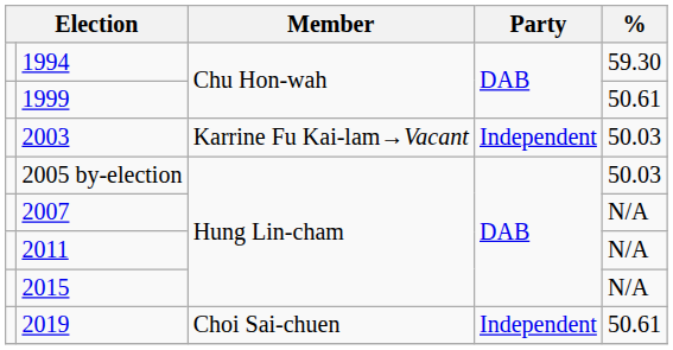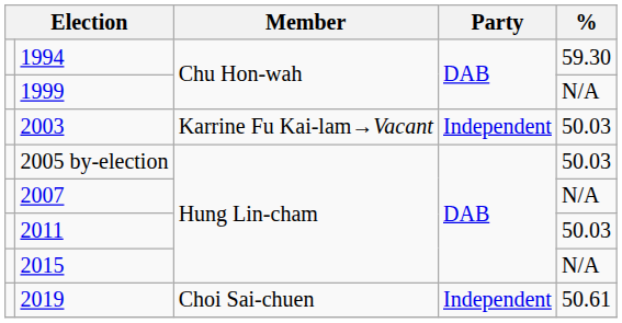 <table class="wikitable">
 <tr>
 <th colspan="2">Election</th>
 <th>Member</th>
 <th>Party</th>
 <th>%</th>
 </tr>
 <tr>
 <td style="background-color: "></td>
 <td><a href='#'>1994</a></td>
 <td rowspan=2>Chu Hon-wah</td>
 <td rowspan=2><a href='#'>DAB</a></td>
 <td>59.30</td>
 </tr>
 <tr>
 <td style="background-color: "></td>
 <td><a href='#'>1999</a></td>
-<td>50.61</td>
+<td>N/A</td>
 </tr>
 <tr>
 <td style="background-color: "></td>
 <td><a href='#'>2003</a></td>
 <td>Karrine Fu Kai-lam→<em>Vacant</em></td>
 <td><a href='#'>Independent</a></td>
 <td>50.03</td>
 </tr>
 <tr>
 <td style="background-color: "></td>
 <td>2005 by-election</td>
 <td rowspan=4>Hung Lin-cham</td>
 <td rowspan=4><a href='#'>DAB</a></td>
 <td>50.03</td>
 </tr>
 <tr>
 <td style="background-color: "></td>
 <td><a href='#'>2007</a></td>
 <td>N/A</td>
 </tr>
 <tr>
 <td style="background-color: "></td>
 <td><a href='#'>2011</a></td>
-<td>N/A</td>
+<td>50.03</td>
 </tr>
 <tr>
 <td style="background-color: "></td>
 <td><a href='#'>2015</a></td>
 <td>N/A</td>
 </tr>
 <tr>
 <td style="background-color: "></td>
 <td><a href='#'>2019</a></td>
 <td>Choi Sai-chuen</td>
 <td><a href='#'>Independent</a></td>
 <td>50.61</td>
 </tr>
 <tr>
 </tr>
 </table>
